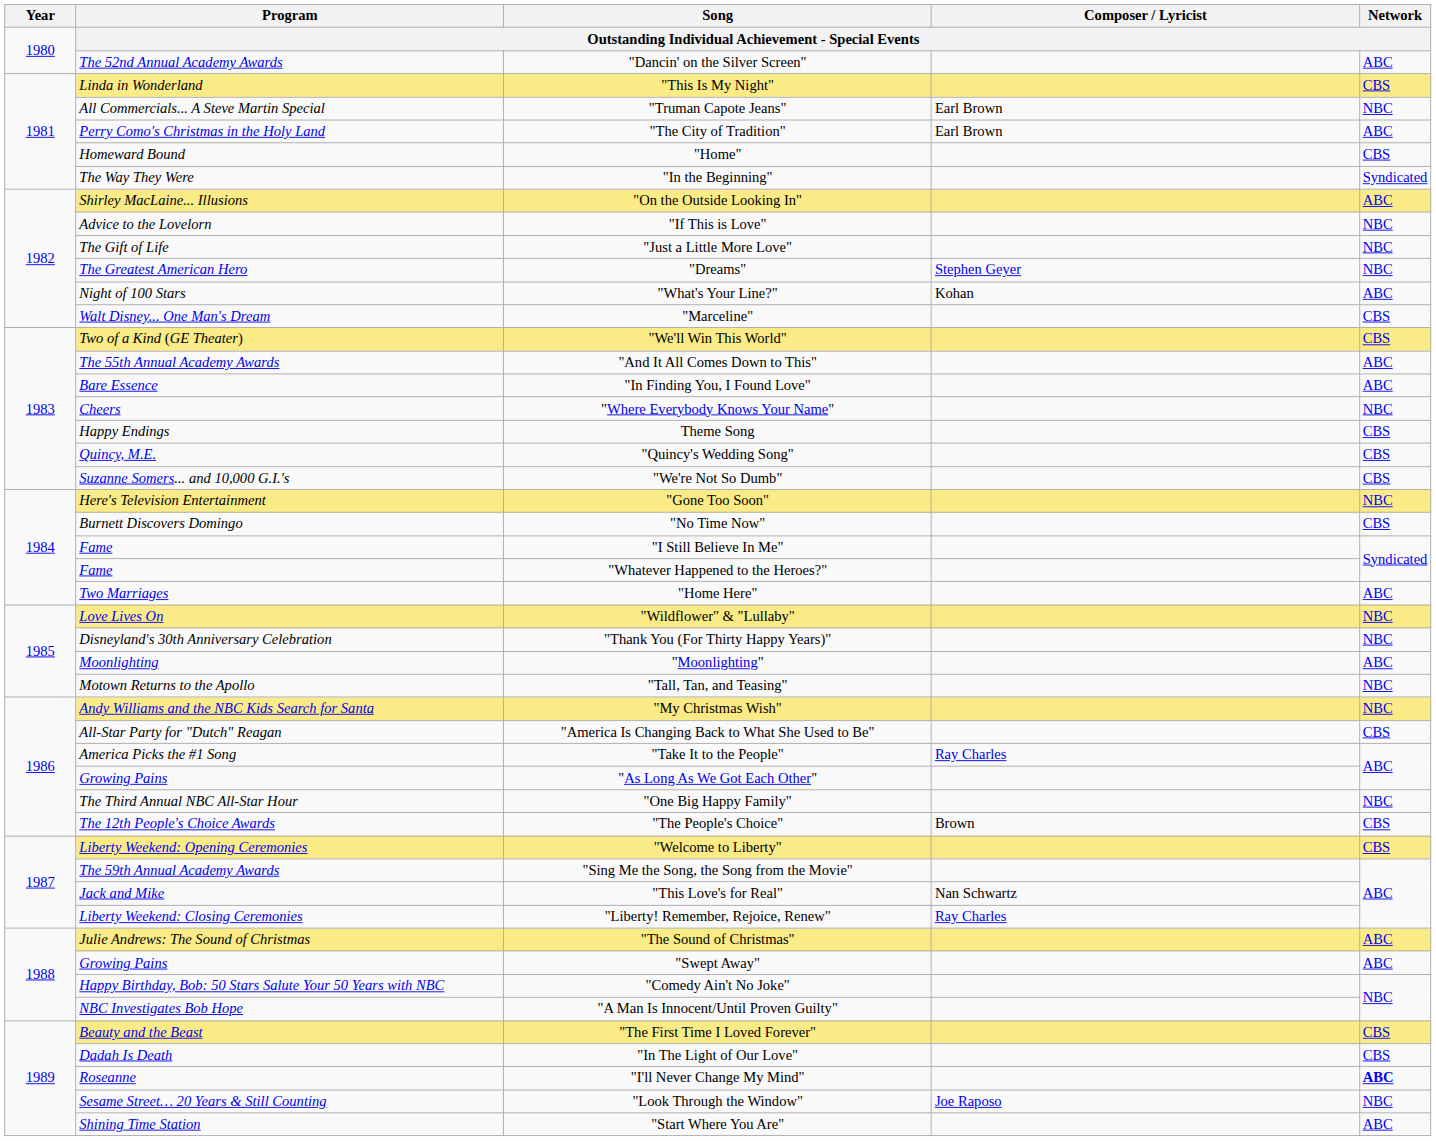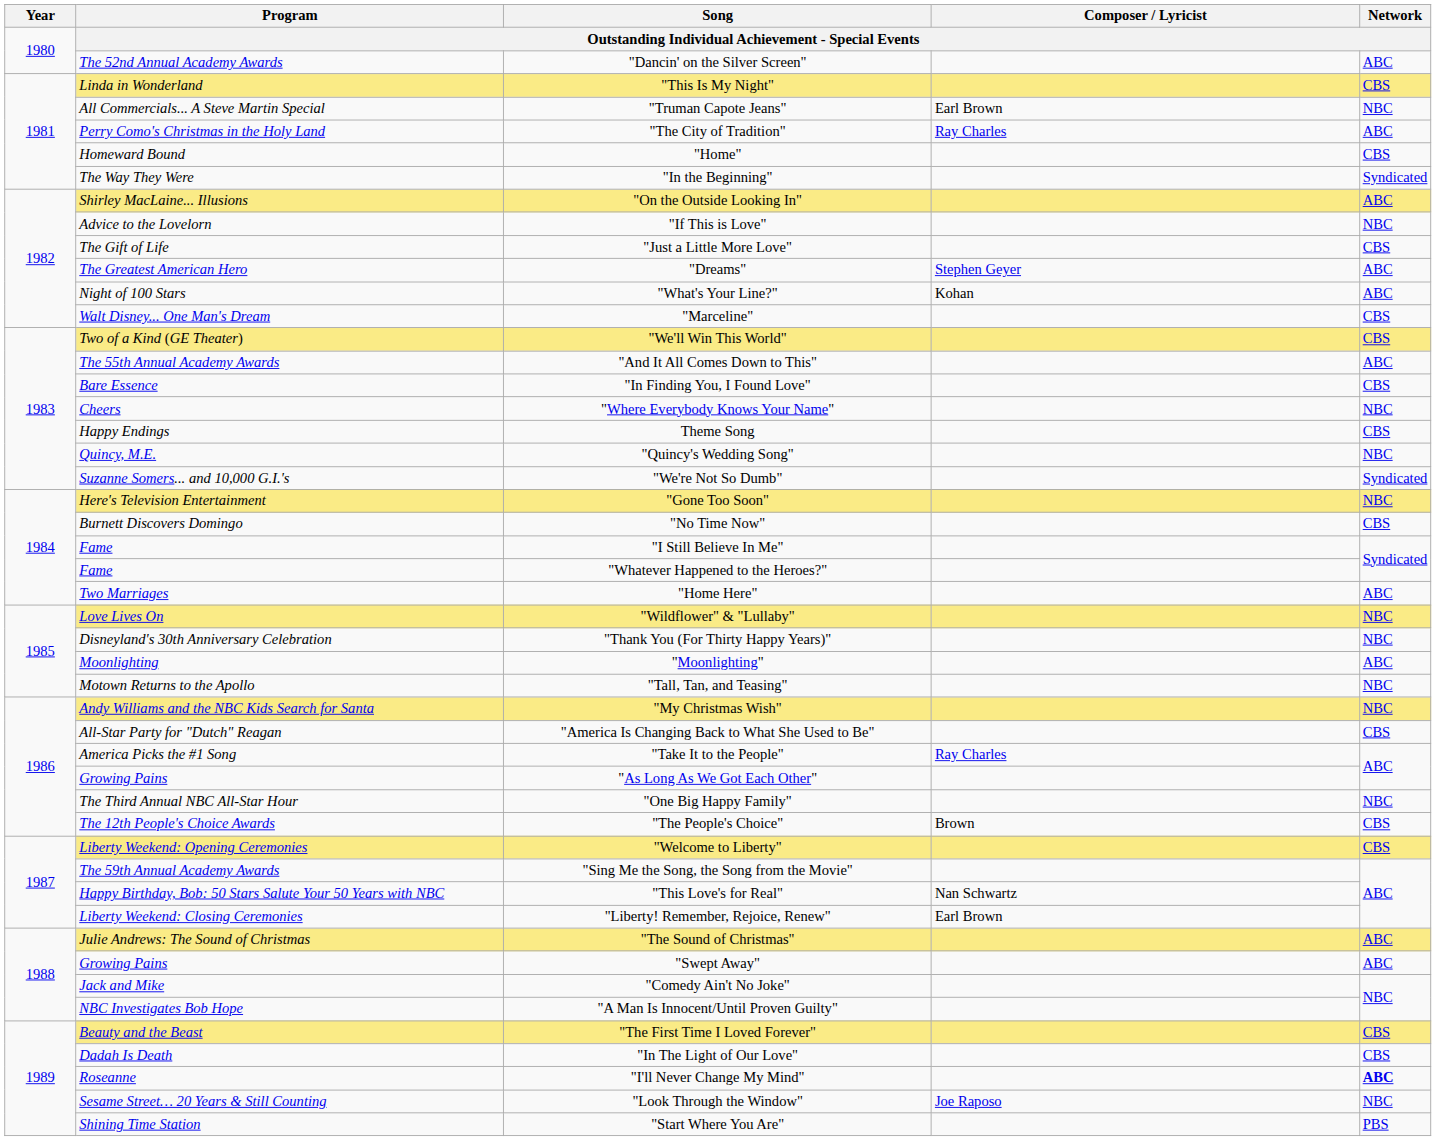 <table class="wikitable" style="width:99%; margin:auto;">
 <tr>
 <th width="5%">Year</th>
 <th width="30%">Program</th>
 <th width="30%">Song</th>
 <th width="30%">Composer / Lyricist</th>
 <th width="5%">Network</th>
 </tr>
 <tr>
 <td rowspan=2 style="text-align:center;"><a href='#'>1980</a></td>
 <th colspan="4">Outstanding Individual Achievement - Special Events</th>
 </tr>
 <tr>
 <td><em><a href='#'>The 52nd Annual Academy Awards</a></em></td>
 <td align=center>"Dancin' on the Silver Screen"</td>
 <td></td>
 <td><a href='#'>ABC</a></td>
 </tr>
 <tr>
 <td rowspan=5 align=center><a href='#'>1981</a><br></td>
 <td style="background:#FAEB86;"><em>Linda in Wonderland</em></td>
 <td style="background:#FAEB86;" align=center>"This Is My Night"</td>
 <td style="background:#FAEB86;"></td>
 <td style="background:#FAEB86;"><a href='#'>CBS</a></td>
 </tr>
 <tr>
 <td><em>All Commercials... A Steve Martin Special</em></td>
 <td align=center>"Truman Capote Jeans"</td>
 <td>Earl Brown </td>
 <td><a href='#'>NBC</a></td>
 </tr>
 <tr>
 <td><em><a href='#'>Perry Como's Christmas in the Holy Land</a></em></td>
 <td align=center>"The City of Tradition"</td>
-<td>Earl Brown </td>
+<td><a href='#'>Ray Charles</a> </td>
 <td><a href='#'>ABC</a></td>
 </tr>
 <tr>
 <td><em>Homeward Bound</em></td>
 <td align=center>"Home"</td>
 <td></td>
 <td><a href='#'>CBS</a></td>
 </tr>
 <tr>
 <td><em>The Way They Were</em></td>
 <td align=center>"In the Beginning"</td>
 <td></td>
 <td><a href='#'>Syndicated</a></td>
 </tr>
 <tr>
 <td rowspan=6 align=center><a href='#'>1982</a><br></td>
 <td style="background:#FAEB86;"><em>Shirley MacLaine... Illusions</em></td>
 <td style="background:#FAEB86;" align=center>"On the Outside Looking In"</td>
 <td style="background:#FAEB86;"></td>
 <td style="background:#FAEB86;"><a href='#'>ABC</a></td>
 </tr>
 <tr>
 <td><em>Advice to the Lovelorn</em></td>
 <td align=center>"If This is Love"</td>
 <td></td>
 <td><a href='#'>NBC</a></td>
 </tr>
 <tr>
 <td><em>The Gift of Life</em></td>
 <td align=center>"Just a Little More Love"</td>
 <td></td>
-<td><a href='#'>NBC</a></td>
+<td><a href='#'>CBS</a></td>
 </tr>
 <tr>
 <td><em><a href='#'>The Greatest American Hero</a></em><br></td>
 <td align=center>"Dreams"</td>
 <td><a href='#'>Stephen Geyer</a> </td>
-<td><a href='#'>NBC</a></td>
+<td><a href='#'>ABC</a></td>
 </tr>
 <tr>
 <td><em>Night of 100 Stars</em></td>
 <td align=center>"What's Your Line?"</td>
 <td>Kohan </td>
 <td><a href='#'>ABC</a></td>
 </tr>
 <tr>
 <td><em><a href='#'>Walt Disney... One Man's Dream</a></em></td>
 <td align=center>"Marceline"</td>
 <td></td>
 <td><a href='#'>CBS</a></td>
 </tr>
 <tr>
 <td rowspan=7 align=center><a href='#'>1983</a><br></td>
 <td style="background:#FAEB86;"><em>Two of a Kind</em> (<em>GE Theater</em>)</td>
 <td style="background:#FAEB86;" align=center>"We'll Win This World"</td>
 <td style="background:#FAEB86;"></td>
 <td style="background:#FAEB86;"><a href='#'>CBS</a></td>
 </tr>
 <tr>
 <td><em><a href='#'>The 55th Annual Academy Awards</a></em></td>
 <td align=center>"And It All Comes Down to This"</td>
 <td></td>
 <td><a href='#'>ABC</a></td>
 </tr>
 <tr>
 <td><em><a href='#'>Bare Essence</a></em></td>
 <td align=center>"In Finding You, I Found Love"</td>
 <td></td>
-<td><a href='#'>ABC</a></td>
+<td><a href='#'>CBS</a></td>
 </tr>
 <tr>
 <td><em><a href='#'>Cheers</a></em><br></td>
 <td align=center>"<a href='#'>Where Everybody Knows Your Name</a>"</td>
 <td></td>
 <td><a href='#'>NBC</a></td>
 </tr>
 <tr>
 <td><em>Happy Endings</em></td>
 <td align=center>Theme Song</td>
 <td></td>
 <td><a href='#'>CBS</a></td>
 </tr>
 <tr>
 <td><em><a href='#'>Quincy, M.E.</a></em><br></td>
 <td align=center>"Quincy's Wedding Song"</td>
 <td></td>
-<td><a href='#'>CBS</a></td>
+<td><a href='#'>NBC</a></td>
 </tr>
 <tr>
 <td><em><a href='#'>Suzanne Somers</a>... and 10,000 G.I.'s</em></td>
 <td align=center>"We're Not So Dumb"</td>
 <td></td>
-<td><a href='#'>CBS</a></td>
+<td><a href='#'>Syndicated</a></td>
 </tr>
 <tr>
 <td rowspan=5 align=center><a href='#'>1984</a><br></td>
 <td style="background:#FAEB86;"><em>Here's Television Entertainment</em></td>
 <td style="background:#FAEB86;" align=center>"Gone Too Soon"</td>
 <td style="background:#FAEB86;"></td>
 <td style="background:#FAEB86;"><a href='#'>NBC</a></td>
 </tr>
 <tr>
 <td><em>Burnett Discovers Domingo</em></td>
 <td align=center>"No Time Now"</td>
 <td></td>
 <td><a href='#'>CBS</a></td>
 </tr>
 <tr>
 <td><em><a href='#'>Fame</a></em><br></td>
 <td align=center>"I Still Believe In Me"</td>
 <td></td>
 <td rowspan=2><a href='#'>Syndicated</a></td>
 </tr>
 <tr>
 <td><em><a href='#'>Fame</a></em><br></td>
 <td align=center>"Whatever Happened to the Heroes?"</td>
 <td></td>
 </tr>
 <tr>
 <td><em><a href='#'>Two Marriages</a></em></td>
 <td align=center>"Home Here"</td>
 <td></td>
 <td><a href='#'>ABC</a></td>
 </tr>
 <tr>
 <td rowspan=4 align=center><a href='#'>1985</a><br></td>
 <td style="background:#FAEB86;"><em><a href='#'>Love Lives On</a></em></td>
 <td style="background:#FAEB86;" align=center>"Wildflower" & "Lullaby"</td>
 <td style="background:#FAEB86;"></td>
 <td style="background:#FAEB86;"><a href='#'>NBC</a></td>
 </tr>
 <tr>
 <td><em>Disneyland's 30th Anniversary Celebration</em></td>
 <td align=center>"Thank You (For Thirty Happy Years)"</td>
 <td></td>
 <td><a href='#'>NBC</a></td>
 </tr>
 <tr>
 <td><em><a href='#'>Moonlighting</a></em><br></td>
 <td align=center>"<a href='#'>Moonlighting</a>"</td>
 <td></td>
 <td><a href='#'>ABC</a></td>
 </tr>
 <tr>
 <td><em>Motown Returns to the Apollo</em></td>
 <td align=center>"Tall, Tan, and Teasing"</td>
 <td></td>
 <td><a href='#'>NBC</a></td>
 </tr>
 <tr>
 <td rowspan=6 align=center><a href='#'>1986</a><br></td>
 <td style="background:#FAEB86;"><em><a href='#'>Andy Williams and the NBC Kids Search for Santa</a></em></td>
 <td style="background:#FAEB86;" align=center>"My Christmas Wish"</td>
 <td style="background:#FAEB86;"></td>
 <td style="background:#FAEB86;"><a href='#'>NBC</a></td>
 </tr>
 <tr>
 <td><em>All-Star Party for "Dutch" Reagan</em></td>
 <td align=center>"America Is Changing Back to What She Used to Be"</td>
 <td></td>
 <td><a href='#'>CBS</a></td>
 </tr>
 <tr>
 <td><em>America Picks the #1 Song</em></td>
 <td align=center>"Take It to the People"</td>
 <td><a href='#'>Ray Charles</a> </td>
 <td rowspan=2><a href='#'>ABC</a></td>
 </tr>
 <tr>
 <td><em><a href='#'>Growing Pains</a></em></td>
 <td align=center>"<a href='#'>As Long As We Got Each Other</a>"</td>
 <td></td>
 </tr>
 <tr>
 <td><em>The Third Annual NBC All-Star Hour</em></td>
 <td align=center>"One Big Happy Family"</td>
 <td></td>
 <td><a href='#'>NBC</a></td>
 </tr>
 <tr>
 <td><em><a href='#'>The 12th People's Choice Awards</a></em></td>
 <td align=center>"The People's Choice"</td>
 <td>Brown </td>
 <td><a href='#'>CBS</a></td>
 </tr>
 <tr>
 <td rowspan=4 align=center><a href='#'>1987</a><br></td>
 <td style="background:#FAEB86;"><em><a href='#'>Liberty Weekend: Opening Ceremonies</a></em></td>
 <td style="background:#FAEB86;" align=center>"Welcome to Liberty"</td>
 <td style="background:#FAEB86;"></td>
 <td style="background:#FAEB86;"><a href='#'>CBS</a></td>
 </tr>
 <tr>
 <td><em><a href='#'>The 59th Annual Academy Awards</a></em></td>
 <td align=center>"Sing Me the Song, the Song from the Movie"</td>
 <td></td>
 <td rowspan=3><a href='#'>ABC</a></td>
 </tr>
 <tr>
-<td><em><a href='#'>Jack and Mike</a></em><br></td>
+<td><em><a href='#'>Happy Birthday, Bob: 50 Stars Salute Your 50 Years with NBC</a></em></td>
 <td align=center>"This Love's for Real"</td>
 <td>Nan Schwartz </td>
 </tr>
 <tr>
 <td><em><a href='#'>Liberty Weekend: Closing Ceremonies</a></em></td>
 <td align=center>"Liberty! Remember, Rejoice, Renew"</td>
-<td><a href='#'>Ray Charles</a> </td>
+<td>Earl Brown </td>
 </tr>
 <tr>
 <td rowspan=4 align=center><a href='#'>1988</a><br></td>
 <td style="background:#FAEB86;"><em>Julie Andrews: The Sound of Christmas</em></td>
 <td style="background:#FAEB86;" align=center>"The Sound of Christmas"</td>
 <td style="background:#FAEB86;"></td>
 <td style="background:#FAEB86;"><a href='#'>ABC</a></td>
 </tr>
 <tr>
 <td><em><a href='#'>Growing Pains</a></em><br></td>
 <td align=center>"Swept Away"</td>
 <td></td>
 <td><a href='#'>ABC</a></td>
 </tr>
 <tr>
-<td><em><a href='#'>Happy Birthday, Bob: 50 Stars Salute Your 50 Years with NBC</a></em></td>
+<td><em><a href='#'>Jack and Mike</a></em><br></td>
 <td align=center>"Comedy Ain't No Joke"</td>
 <td></td>
 <td rowspan=2><a href='#'>NBC</a></td>
 </tr>
 <tr>
 <td><em><a href='#'>NBC Investigates Bob Hope</a></em></td>
 <td align=center>"A Man Is Innocent/Until Proven Guilty"</td>
 <td></td>
 </tr>
 <tr>
 <td rowspan=5 align=center><a href='#'>1989</a><br></td>
 <td style="background:#FAEB86;"><em><a href='#'>Beauty and the Beast</a></em><br></td>
 <td style="background:#FAEB86;" align=center>"The First Time I Loved Forever"</td>
 <td style="background:#FAEB86;"></td>
 <td style="background:#FAEB86;"><a href='#'>CBS</a></td>
 </tr>
 <tr>
 <td><em><a href='#'>Dadah Is Death</a></em><br></td>
 <td align=center>"In The Light of Our Love"</td>
 <td></td>
 <td><a href='#'>CBS</a></td>
 </tr>
 <tr>
 <td><em><a href='#'>Roseanne</a></em> <br></td>
 <td align=center>"I'll Never Change My Mind"</td>
 <td></td>
 <td><strong><a href='#'>ABC</a></strong></td>
 </tr>
 <tr>
 <td><em><a href='#'>Sesame Street… 20 Years & Still Counting</a></em></td>
 <td align=center>"Look Through the Window"</td>
 <td><a href='#'>Joe Raposo</a> </td>
 <td><a href='#'>NBC</a></td>
 </tr>
 <tr>
 <td><em><a href='#'>Shining Time Station</a></em><br></td>
 <td align=center>"Start Where You Are"</td>
 <td></td>
-<td><a href='#'>ABC</a></td>
+<td><a href='#'>PBS</a></td>
 </tr>
 </table>
